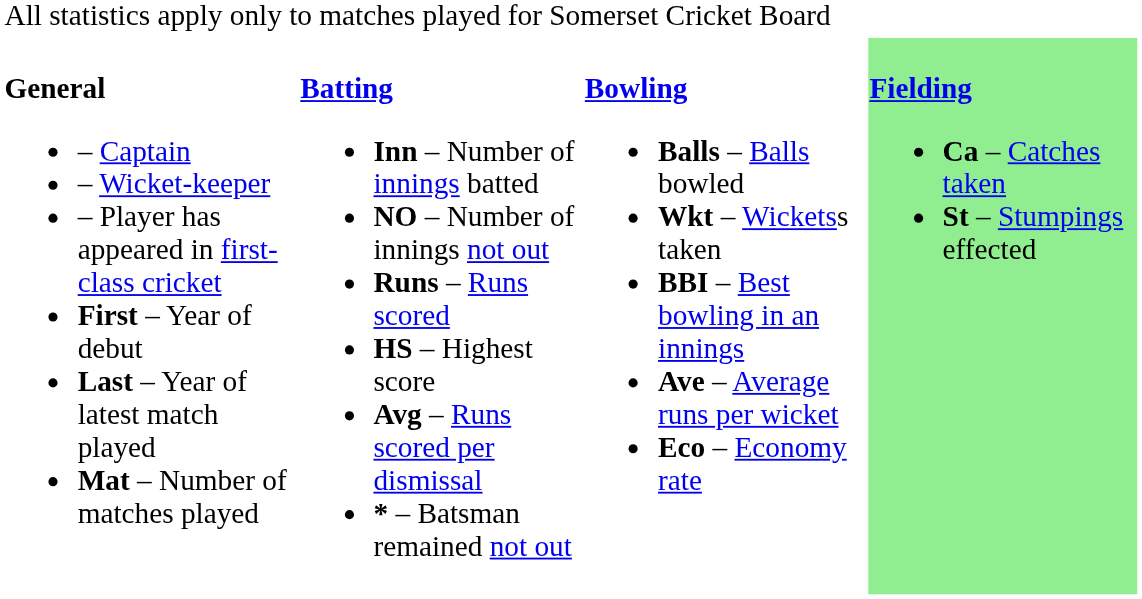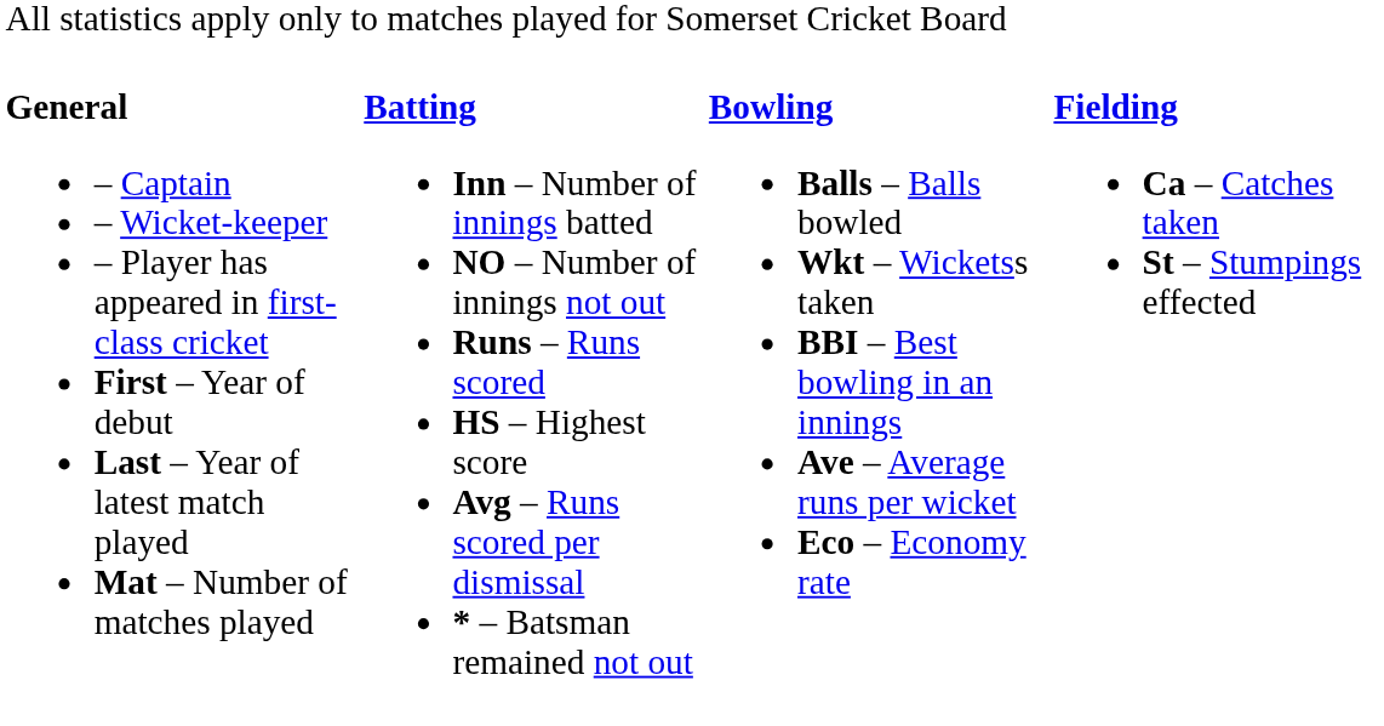 <table>
 <tr>
 <td colspan="4">All statistics apply only to matches played for Somerset Cricket Board</td>
 </tr>
 <tr>
 <td valign="top" style="width:26%"><br><strong>General</strong><ul><li> – <a href='#'>Captain</a></li><li> – <a href='#'>Wicket-keeper</a></li><li> – Player has appeared in <a href='#'>first-class cricket</a></li><li><strong>First</strong> – Year of debut</li><li><strong>Last</strong> – Year of latest match played</li><li><strong>Mat</strong> – Number of matches played</li></ul></td>
 <td valign="top" style="width:25%"><br><strong><a href='#'>Batting</a></strong><ul><li><strong>Inn</strong> – Number of <a href='#'>innings</a> batted</li><li><strong>NO</strong> – Number of innings <a href='#'>not out</a></li><li><strong>Runs</strong> – <a href='#'>Runs scored</a></li><li><strong>HS</strong> – Highest score</li><li><strong>Avg</strong> – <a href='#'>Runs scored per dismissal</a></li><li><strong>*</strong> – Batsman remained <a href='#'>not out</a></li></ul></td>
 <td valign="top" style="width:25%"><br><strong><a href='#'>Bowling</a></strong><ul><li><strong>Balls</strong> – <a href='#'>Balls</a> bowled</li><li><strong>Wkt</strong> – <a href='#'>Wickets</a>s taken</li><li><strong>BBI</strong> – <a href='#'>Best bowling in an innings</a></li><li><strong>Ave</strong> – <a href='#'>Average runs per wicket</a></li><li><strong>Eco</strong> – <a href='#'>Economy rate</a></li></ul></td>
-<td valign="top" style="background: lightgreen; width:24%"><br><strong><a href='#'>Fielding</a></strong><ul><li><strong>Ca</strong> – <a href='#'>Catches taken</a></li><li><strong>St</strong> – <a href='#'>Stumpings</a> effected</li></ul></td>
+<td valign="top" style="width:24%"><br><strong><a href='#'>Fielding</a></strong><ul><li><strong>Ca</strong> – <a href='#'>Catches taken</a></li><li><strong>St</strong> – <a href='#'>Stumpings</a> effected</li></ul></td>
 </tr>
 </table>
